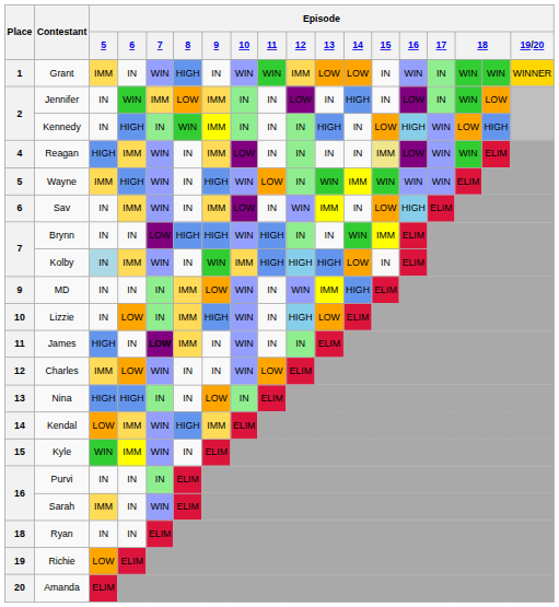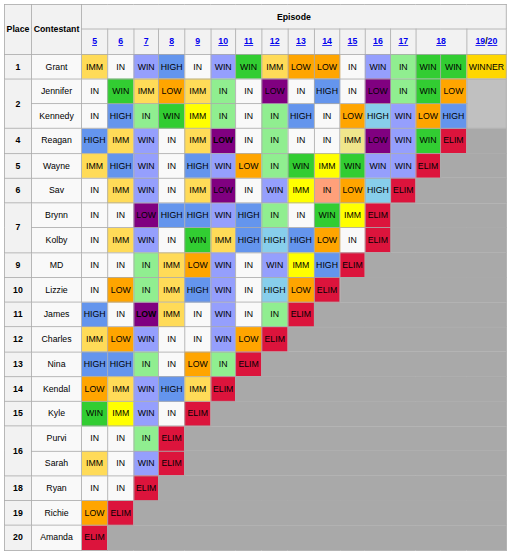 <table class="wikitable" style="text-align: center; font-size: 8pt; line-height:25px;">
 <tr>
 <th rowspan="2">Place</th>
 <th rowspan="2">Contestant</th>
 <th colspan="16">Episode</th>
 </tr>
 <tr>
 <th><a href='#'>5</a></th>
 <th><a href='#'>6</a></th>
 <th><a href='#'>7</a></th>
 <th><a href='#'>8</a></th>
 <th><a href='#'>9</a></th>
 <th><a href='#'>10</a></th>
 <th><a href='#'>11</a></th>
 <th><a href='#'>12</a></th>
 <th><a href='#'>13</a></th>
 <th><a href='#'>14</a></th>
 <th><a href='#'>15</a></th>
 <th><a href='#'>16</a></th>
 <th><a href='#'>17</a></th>
 <th colspan="2"><a href='#'>18</a></th>
 <th><a href='#'>19</a>/<a href='#'>20</a></th>
 </tr>
 <tr>
 <th><strong>1</strong></th>
 <td>Grant</td>
 <td style="background:#FFDB58;">IMM</td>
 <td>IN</td>
 <td style="background:#959FFD;">WIN</td>
 <td style="background:cornflowerblue;">HIGH</td>
 <td>IN</td>
 <td style="background:#959FFD;">WIN</td>
 <td style="background:limegreen;">WIN</td>
 <td style="background:#FFDB58;">IMM</td>
 <td style="background:orange;">LOW</td>
 <td style="background:orange;">LOW</td>
 <td>IN</td>
 <td style="background:#959FFD;">WIN</td>
 <td style="background:lightgreen;">IN</td>
 <td style="background:limegreen;">WIN</td>
 <td style="background:limegreen;">WIN</td>
 <td style="background:gold;">WINNER</td>
 </tr>
 <tr>
 <th rowspan="2"><strong>2</strong></th>
 <td>Jennifer</td>
 <td>IN</td>
 <td style="background:limegreen;">WIN</td>
 <td style="background:#FFDB58;">IMM</td>
 <td style="background:orange;">LOW</td>
 <td style="background:#FFDB58;">IMM</td>
 <td style="background:lightgreen;">IN</td>
 <td>IN</td>
 <td style="background:purple;">LOW</td>
 <td>IN</td>
 <td style="background:cornflowerblue;">HIGH</td>
 <td>IN</td>
 <td style="background:purple;">LOW</td>
 <td style="background:lightgreen;">IN</td>
 <td style="background:limegreen;">WIN</td>
 <td style="background:orange;">LOW</td>
 <td style="background:silver;" rowspan="2"></td>
 </tr>
 <tr>
 <td>Kennedy</td>
 <td>IN</td>
 <td style="background:cornflowerblue;">HIGH</td>
 <td style="background:lightgreen;">IN</td>
 <td style="background:limegreen;">WIN</td>
 <td style="background:yellow;">IMM</td>
 <td style="background:lightgreen;">IN</td>
 <td>IN</td>
 <td style="background:lightgreen;">IN</td>
 <td style="background:cornflowerblue;">HIGH</td>
 <td>IN</td>
 <td style="background:orange;">LOW</td>
 <td style="background:skyblue;">HIGH</td>
 <td style="background:#959FFD;">WIN</td>
 <td style="background:orange;">LOW</td>
 <td style="background:cornflowerblue;">HIGH</td>
 </tr>
 <tr>
 <th>4</th>
 <td>Reagan</td>
 <td style="background:cornflowerblue;">HIGH</td>
 <td style="background:#FFDB58;">IMM</td>
 <td style="background:#959FFD;">WIN</td>
 <td>IN</td>
 <td style="background:#FFDB58;">IMM</td>
-<td style="background:purple;">LOW</td>
+<td style="background:purple;"><strong>LOW</strong></td>
 <td>IN</td>
 <td style="background:lightgreen;">IN</td>
 <td>IN</td>
 <td>IN</td>
 <td style="background:khaki;">IMM</td>
 <td style="background:purple;">LOW</td>
 <td style="background:#959FFD;">WIN</td>
 <td style="background:limegreen;">WIN</td>
 <td style="background:crimson;">ELIM</td>
 <td style="background:darkgrey;"></td>
 </tr>
 <tr>
 <th>5</th>
 <td>Wayne</td>
 <td style="background:#FFDB58;">IMM</td>
 <td style="background:cornflowerblue;">HIGH</td>
 <td style="background:#959FFD;">WIN</td>
 <td>IN</td>
 <td style="background:cornflowerblue;">HIGH</td>
 <td style="background:#959FFD;">WIN</td>
 <td style="background:orange;">LOW</td>
 <td style="background:lightgreen;">IN</td>
 <td style="background:limegreen;">WIN</td>
 <td style="background:yellow;">IMM</td>
 <td style="background:limegreen;">WIN</td>
 <td style="background:#959FFD;">WIN</td>
 <td style="background:#959FFD;">WIN</td>
 <td style="background:crimson;">ELIM</td>
 <td style="background:darkgrey;" colspan="2"></td>
 </tr>
 <tr>
 <th>6</th>
 <td>Sav</td>
 <td>IN</td>
 <td style="background:#FFDB58;">IMM</td>
 <td style="background:#959FFD;">WIN</td>
 <td>IN</td>
 <td style="background:#FFDB58;">IMM</td>
 <td style="background:purple;">LOW</td>
 <td>IN</td>
 <td style="background:#959FFD;">WIN</td>
 <td style="background:yellow;">IMM</td>
-<td>IN</td>
+<td style="background: lightsalmon;">IN</td>
 <td style="background:orange;">LOW</td>
 <td style="background:skyblue;">HIGH</td>
 <td style="background:crimson;">ELIM</td>
 <td style="background:darkgrey;" colspan="3"></td>
 </tr>
 <tr>
 <th rowspan="2">7</th>
 <td>Brynn</td>
 <td>IN</td>
 <td>IN</td>
 <td style="background:purple;">LOW</td>
 <td style="background:cornflowerblue;">HIGH</td>
 <td style="background:cornflowerblue;">HIGH</td>
 <td style="background:#959FFD;">WIN</td>
 <td style="background:cornflowerblue;">HIGH</td>
 <td style="background:lightgreen;">IN</td>
 <td>IN</td>
 <td style="background:limegreen;">WIN</td>
 <td style="background:yellow;">IMM</td>
 <td style="background:crimson;">ELIM</td>
 <td style="background:darkgrey;" colspan="4"></td>
 </tr>
 <tr>
 <td>Kolby</td>
-<td style="background: lightblue;">IN</td>
+<td>IN</td>
 <td style="background:#FFDB58;">IMM</td>
 <td style="background:#959FFD;">WIN</td>
 <td>IN</td>
 <td style="background:limegreen;">WIN</td>
 <td style="background:#FFDB58;">IMM</td>
 <td style="background:cornflowerblue;">HIGH</td>
 <td style="background:skyblue;">HIGH</td>
 <td style="background:cornflowerblue;">HIGH</td>
 <td style="background:orange;">LOW</td>
 <td>IN</td>
 <td style="background:crimson;">ELIM</td>
 <td style="background:darkgrey;" colspan="4"></td>
 </tr>
 <tr>
 <th>9</th>
 <td>MD</td>
 <td>IN</td>
 <td>IN</td>
 <td style="background:lightgreen;">IN</td>
 <td style="background:#FFDB58;">IMM</td>
 <td style="background:orange;">LOW</td>
 <td style="background:#959FFD;">WIN</td>
 <td>IN</td>
 <td style="background:#959FFD;">WIN</td>
 <td style="background:yellow;">IMM</td>
 <td style="background:cornflowerblue;">HIGH</td>
 <td style="background:crimson;">ELIM</td>
 <td style="background:darkgrey;" colspan="5"></td>
 </tr>
 <tr>
 <th>10</th>
 <td>Lizzie</td>
 <td>IN</td>
 <td style="background:orange;">LOW</td>
 <td style="background:lightgreen;">IN</td>
 <td style="background:#FFDB58;">IMM</td>
 <td style="background:cornflowerblue;">HIGH</td>
 <td style="background:#959FFD;">WIN</td>
 <td>IN</td>
 <td style="background:skyblue;">HIGH</td>
 <td style="background:orange;">LOW</td>
 <td style="background:crimson;">ELIM</td>
 <td style="background:darkgrey;" colspan="6"></td>
 </tr>
 <tr>
 <th>11</th>
 <td>James</td>
 <td style="background:cornflowerblue;">HIGH</td>
 <td>IN</td>
 <td style="background:purple;"><strong>LOW</strong></td>
 <td style="background:#FFDB58;">IMM</td>
 <td>IN</td>
 <td style="background:#959FFD;">WIN</td>
 <td>IN</td>
 <td style="background:lightgreen;">IN</td>
 <td style="background:crimson;">ELIM</td>
 <td style="background:darkgrey;" colspan="7"></td>
 </tr>
 <tr>
 <th>12</th>
 <td>Charles</td>
 <td style="background:#FFDB58;">IMM</td>
 <td style="background:orange;">LOW</td>
 <td style="background:#959FFD;">WIN</td>
 <td>IN</td>
 <td>IN</td>
 <td style="background:#959FFD;">WIN</td>
 <td style="background:orange;">LOW</td>
 <td style="background:crimson;">ELIM</td>
 <td style="background:darkgrey;" colspan="8"></td>
 </tr>
 <tr>
 <th>13</th>
 <td>Nina</td>
 <td style="background:cornflowerblue;">HIGH</td>
 <td style="background:cornflowerblue;">HIGH</td>
 <td style="background:lightgreen;">IN</td>
 <td>IN</td>
 <td style="background:orange;">LOW</td>
 <td style="background:lightgreen;">IN</td>
 <td style="background:crimson;">ELIM</td>
 <td style="background:darkgrey;" colspan="9"></td>
 </tr>
 <tr>
 <th>14</th>
 <td>Kendal</td>
 <td style="background:orange;">LOW</td>
 <td style="background:#FFDB58;">IMM</td>
 <td style="background:#959FFD;">WIN</td>
 <td style="background:cornflowerblue;">HIGH</td>
 <td style="background:#FFDB58;">IMM</td>
 <td style="background:crimson;">ELIM</td>
 <td style="background:darkgrey;" colspan="10"></td>
 </tr>
 <tr>
 <th>15</th>
 <td>Kyle</td>
 <td style="background:limegreen;">WIN</td>
 <td style="background:yellow;">IMM</td>
 <td style="background:#959FFD;">WIN</td>
 <td>IN</td>
 <td style="background:crimson;">ELIM</td>
 <td style="background:darkgrey;" colspan="11"></td>
 </tr>
 <tr>
 <th rowspan="2">16</th>
 <td>Purvi</td>
 <td>IN</td>
 <td>IN</td>
 <td style="background:lightgreen;">IN</td>
 <td style="background:crimson;">ELIM</td>
 <td style="background:darkgrey;" colspan="12"></td>
 </tr>
 <tr>
 <td>Sarah</td>
 <td style="background:#FFDB58;">IMM</td>
 <td>IN</td>
 <td style="background:#959FFD;">WIN</td>
 <td style="background:crimson;">ELIM</td>
 <td style="background:darkgrey;" colspan="12"></td>
 </tr>
 <tr>
 <th>18</th>
 <td>Ryan</td>
 <td>IN</td>
 <td>IN</td>
 <td style="background:crimson;">ELIM</td>
 <td style="background:darkgrey;" colspan="13"></td>
 </tr>
 <tr>
 <th>19</th>
 <td>Richie</td>
 <td style="background:orange;">LOW</td>
 <td style="background:crimson;">ELIM</td>
 <td style="background:darkgrey;" colspan="14"></td>
 </tr>
 <tr>
 <th>20</th>
 <td>Amanda</td>
 <td style="background:crimson;">ELIM</td>
 <td style="background:darkgrey;" colspan="15"></td>
 </tr>
 </table>
